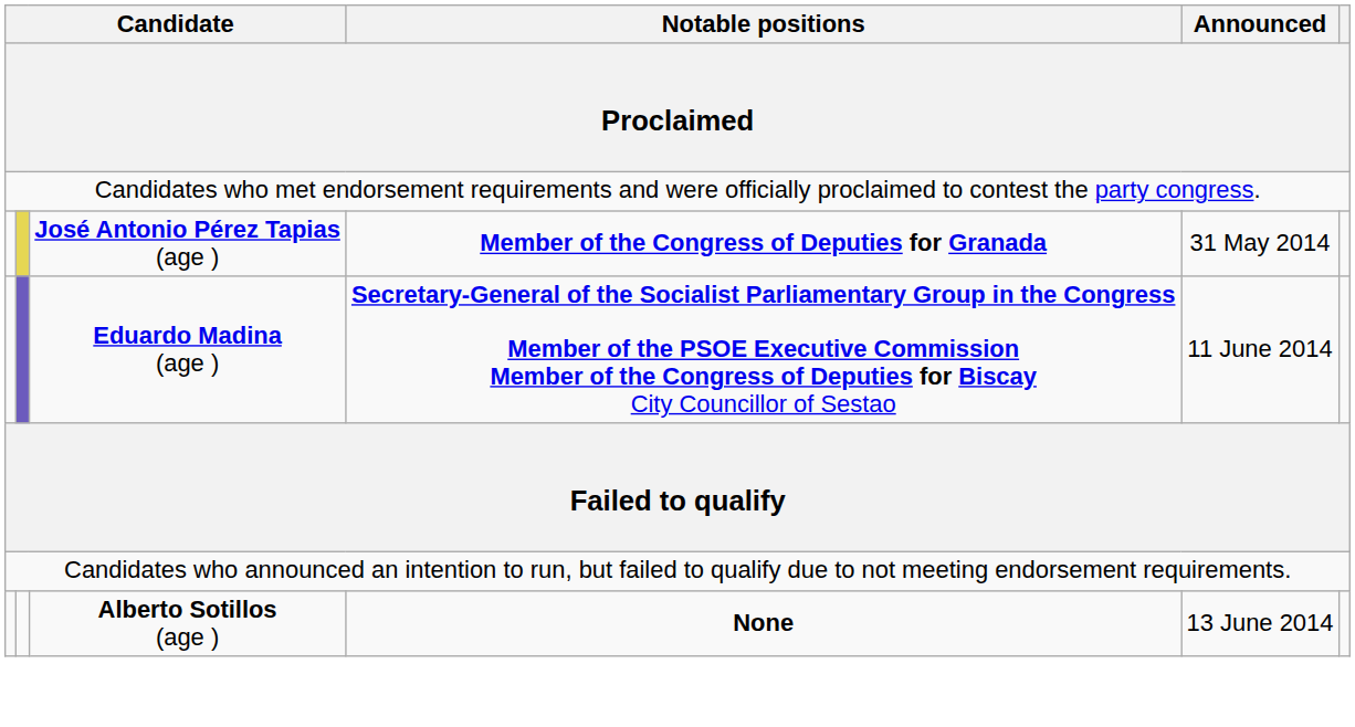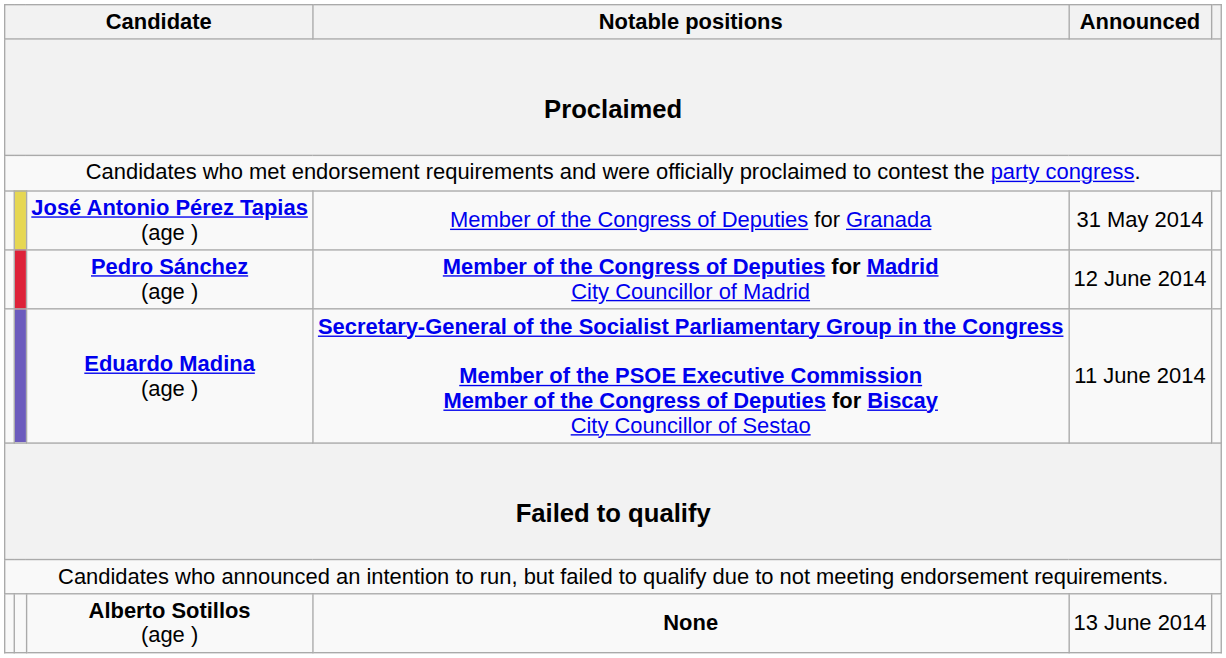 <table class="wikitable" style="text-align:center;">
 <tr>
 <th colspan="3">Candidate</th>
 <th>Notable positions</th>
 <th>Announced</th>
 <th></th>
 </tr>
 <tr>
 <th colspan="6"><br><h3>Proclaimed</h3></th>
 </tr>
 <tr>
 <td colspan="6">Candidates who met endorsement requirements and were officially proclaimed to contest the <a href='#'>party congress</a>.</td>
 </tr>
 <tr>
 <td></td>
 <td width="1px" style="color:inherit;background:#E6D753"></td>
 <td><strong><a href='#'>José Antonio Pérez Tapias</a></strong><br>(age )</td>
-<td><strong><a href='#'>Member of the Congress of Deputies</a> for <a href='#'>Granada</a> </strong></td>
+<td><a href='#'>Member of the Congress of Deputies</a> for <a href='#'>Granada</a> </td>
 <td>31 May 2014</td>
+<td></td>
+</tr>
+<tr>
+<td></td>
+<td style="color:inherit;background:#DD2239"></td>
+<td><strong><a href='#'>Pedro Sánchez</a></strong><br>(age )</td>
+<td><strong><a href='#'>Member of the Congress of Deputies</a> for <a href='#'>Madrid</a> </strong><br><a href='#'>City Councillor of Madrid</a> </td>
+<td>12 June 2014</td>
 <td></td>
 </tr>
 <tr>
 <td></td>
 <td style="color:inherit;background:#6C5BBD"></td>
 <td><strong><a href='#'>Eduardo Madina</a></strong><br>(age )</td>
 <td><strong><a href='#'>Secretary-General of the Socialist Parliamentary Group in the Congress</a><br><br><a href='#'>Member of the PSOE Executive Commission</a> <br><a href='#'>Member of the Congress of Deputies</a> for <a href='#'>Biscay</a> </strong><br><a href='#'>City Councillor of Sestao</a> </td>
 <td>11 June 2014</td>
 <td></td>
 </tr>
 <tr>
 <th colspan="6"><br><h3>Failed to qualify</h3></th>
 </tr>
 <tr>
 <td colspan="6">Candidates who announced an intention to run, but failed to qualify due to not meeting endorsement requirements.</td>
 </tr>
 <tr>
 <td></td>
 <td style="color:inherit;background:"></td>
 <td><strong>Alberto Sotillos</strong><br>(age )</td>
 <td><strong>None</strong></td>
 <td>13 June 2014</td>
 <td><br></td>
 </tr>
 </table>
